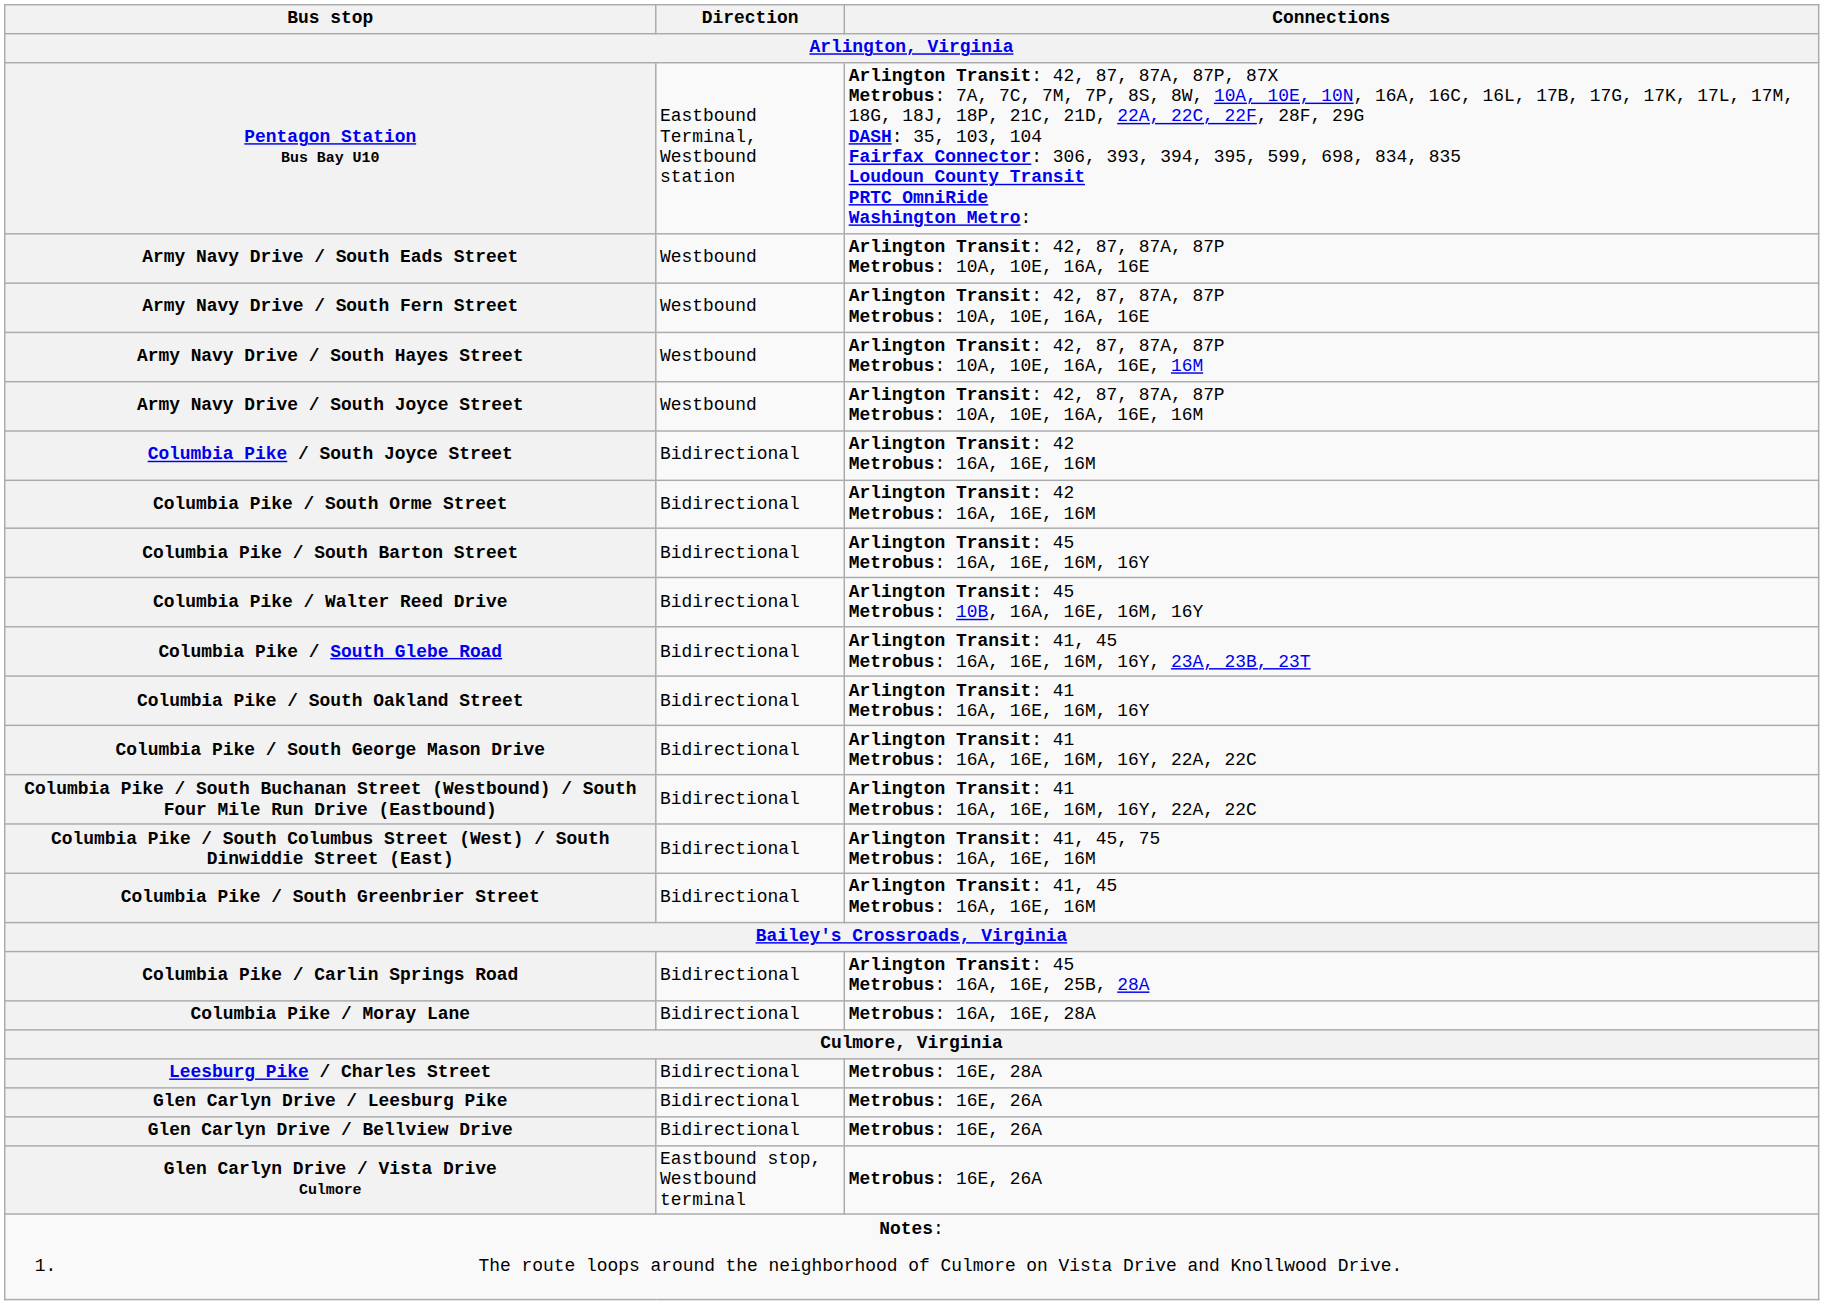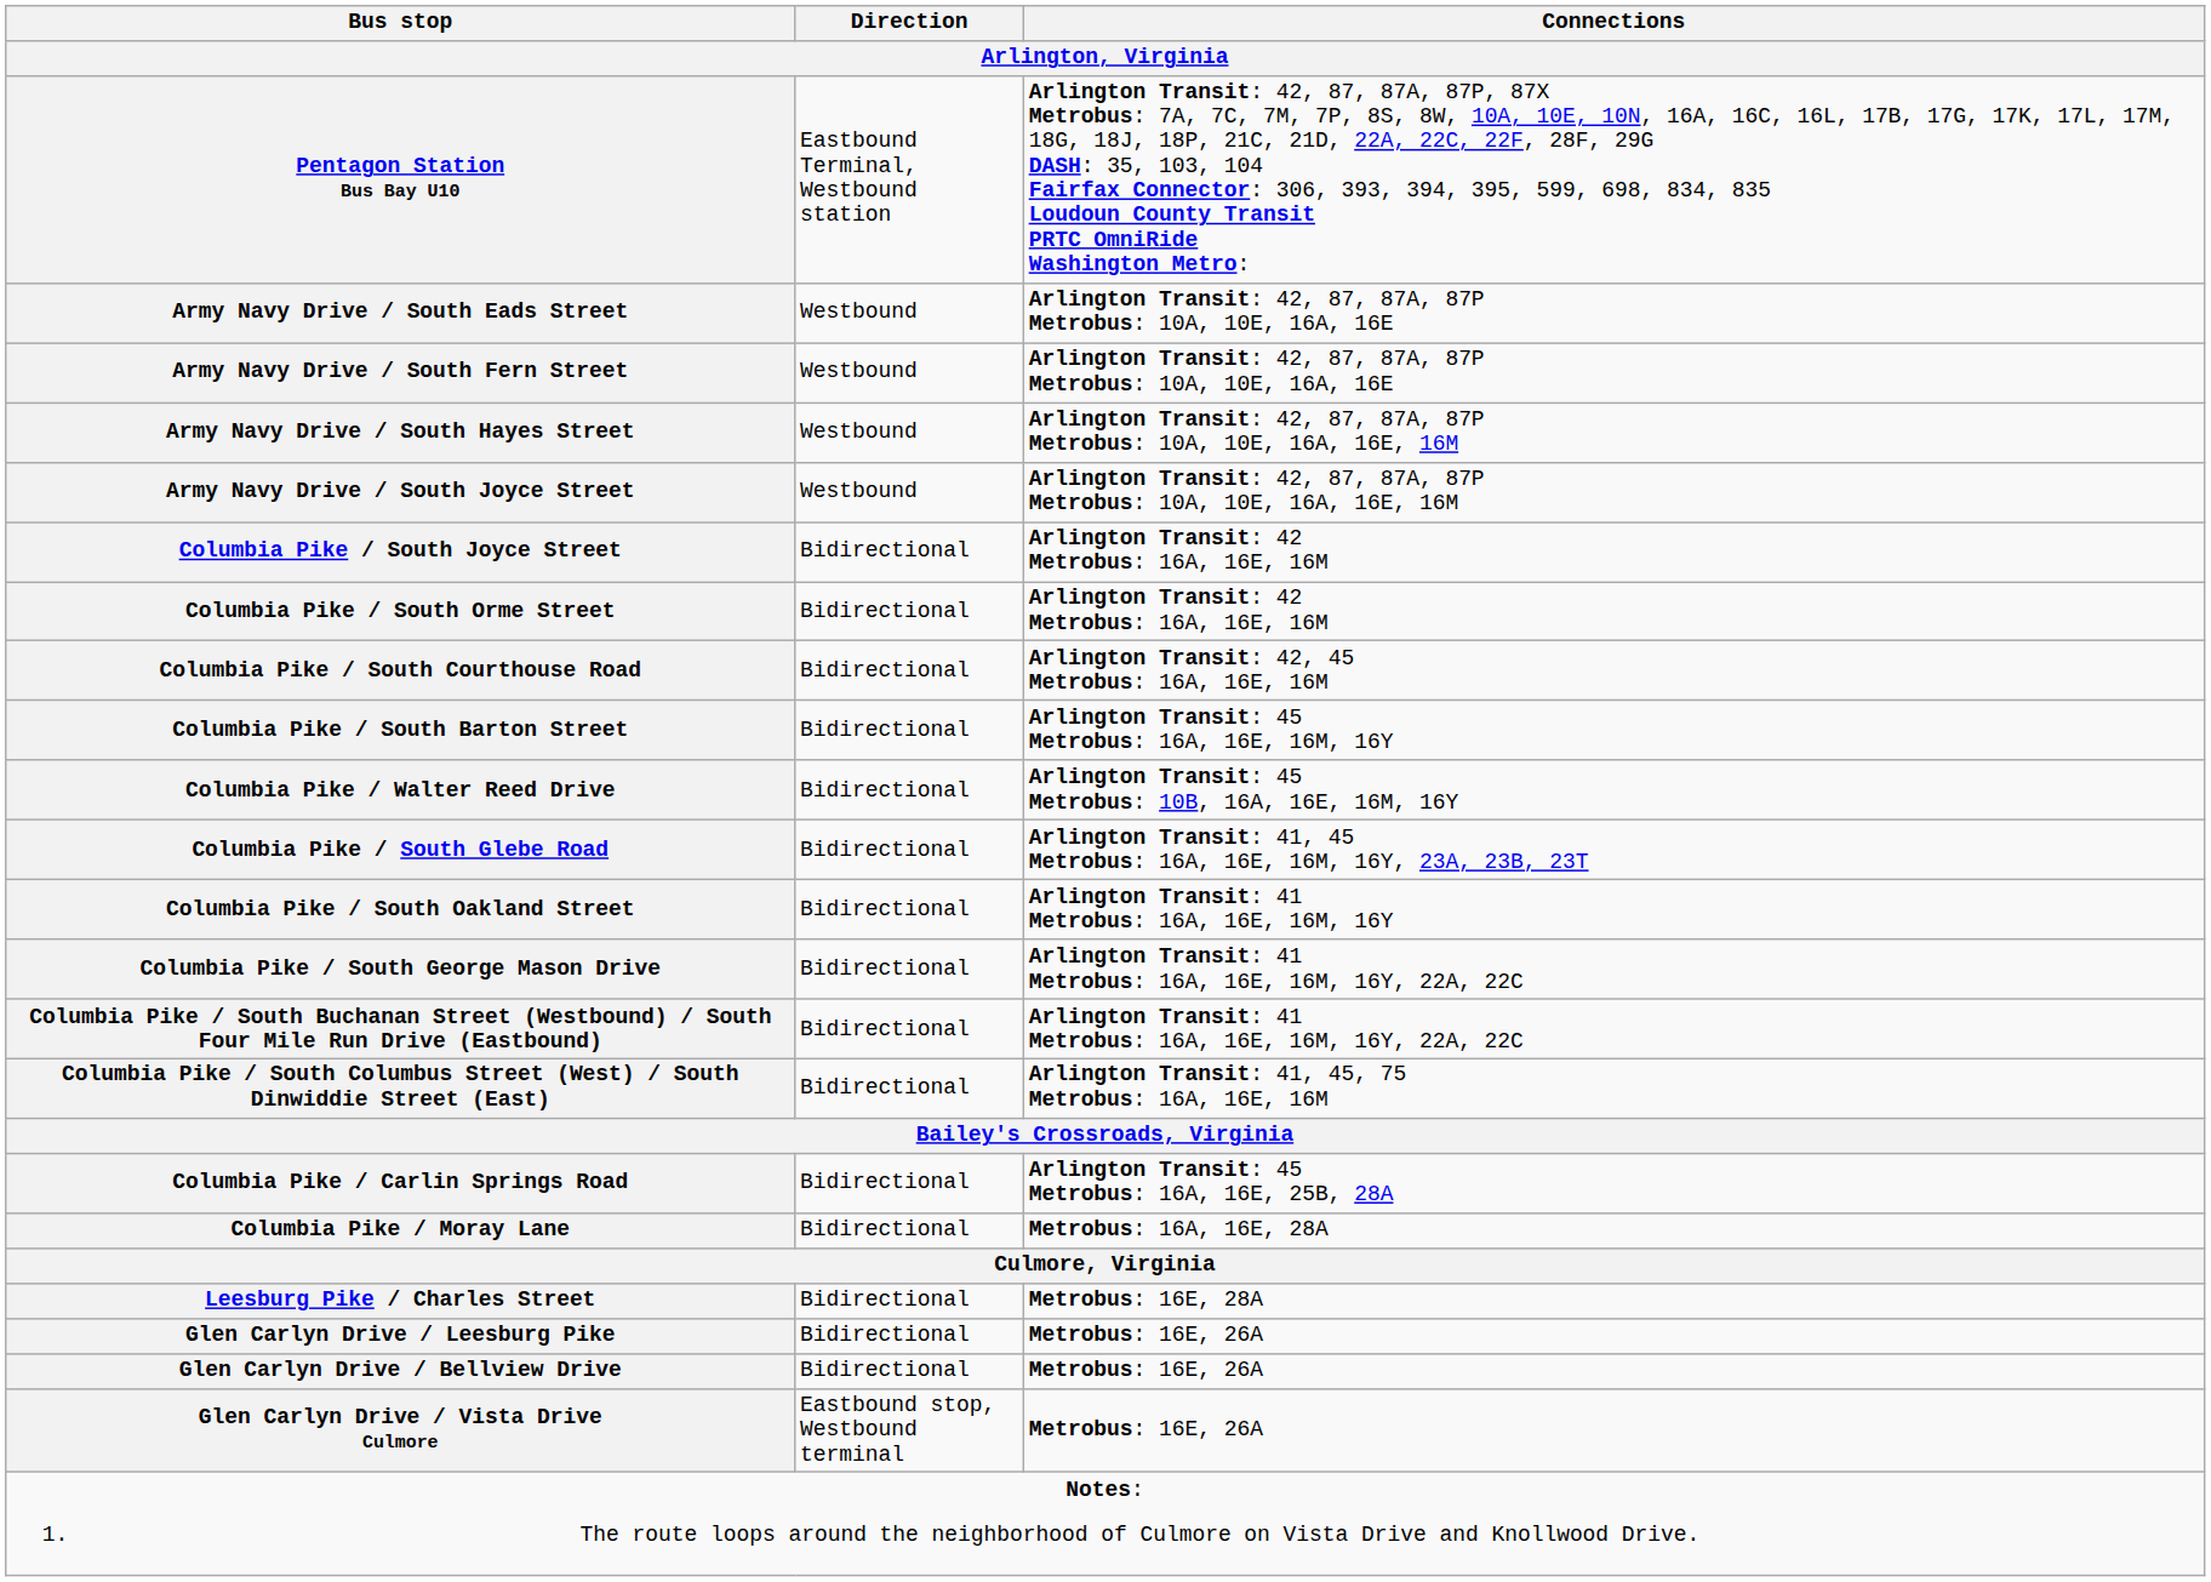 <table class="wikitable collapsible collapsed" style="font-size: 95%;">
 <tr>
 <th>Bus stop</th>
 <th>Direction</th>
 <th>Connections</th>
 </tr>
 <tr>
 <th colspan="3"><a href='#'>Arlington, Virginia</a></th>
 </tr>
 <tr>
 <th><a href='#'>Pentagon Station</a><br><small>Bus Bay U10</small></th>
 <td>Eastbound Terminal,<br> Westbound station</td>
 <td> <strong>Arlington Transit</strong>: 42, 87, 87A, 87P, 87X<br> <strong>Metrobus</strong>: 7A, 7C, 7M, 7P, 8S, 8W, <a href='#'>10A, 10E, 10N</a>, 16A, 16C, 16L, 17B, 17G, 17K, 17L, 17M, 18G, 18J, 18P, 21C, 21D, <a href='#'>22A, 22C, 22F</a>, 28F, 29G<br> <strong><a href='#'>DASH</a></strong>: 35, 103, 104<br> <strong><a href='#'>Fairfax Connector</a></strong>: 306, 393, 394, 395, 599, 698, 834, 835<br> <strong><a href='#'>Loudoun County Transit</a></strong><br> <strong><a href='#'>PRTC OmniRide</a></strong><br> <strong><a href='#'>Washington Metro</a></strong>:  </td>
 </tr>
 <tr>
 <th>Army Navy Drive / South Eads Street</th>
 <td>Westbound</td>
 <td> <strong>Arlington Transit</strong>: 42, 87, 87A, 87P<br> <strong>Metrobus</strong>: 10A, 10E, 16A, 16E</td>
 </tr>
 <tr>
 <th>Army Navy Drive / South Fern Street</th>
 <td>Westbound</td>
 <td> <strong>Arlington Transit</strong>: 42, 87, 87A, 87P<br> <strong>Metrobus</strong>: 10A, 10E, 16A, 16E</td>
 </tr>
 <tr>
 <th>Army Navy Drive / South Hayes Street</th>
 <td>Westbound</td>
 <td> <strong>Arlington Transit</strong>: 42, 87, 87A, 87P<br> <strong>Metrobus</strong>: 10A, 10E, 16A, 16E, <a href='#'>16M</a></td>
 </tr>
 <tr>
 <th>Army Navy Drive / South Joyce Street</th>
 <td>Westbound</td>
 <td> <strong>Arlington Transit</strong>: 42, 87, 87A, 87P<br> <strong>Metrobus</strong>: 10A, 10E, 16A, 16E, 16M</td>
 </tr>
 <tr>
 <th><a href='#'>Columbia Pike</a> / South Joyce Street</th>
 <td>Bidirectional</td>
 <td> <strong>Arlington Transit</strong>: 42<br> <strong>Metrobus</strong>: 16A, 16E, 16M</td>
 </tr>
 <tr>
 <th>Columbia Pike / South Orme Street</th>
 <td>Bidirectional</td>
 <td> <strong>Arlington Transit</strong>: 42<br> <strong>Metrobus</strong>: 16A, 16E, 16M</td>
 </tr>
 <tr>
+<th>Columbia Pike / South Courthouse Road</th>
+<td>Bidirectional</td>
+<td> <strong>Arlington Transit</strong>: 42, 45<br> <strong>Metrobus</strong>: 16A, 16E, 16M</td>
+</tr>
+<tr>
 <th>Columbia Pike / South Barton Street</th>
 <td>Bidirectional</td>
 <td> <strong>Arlington Transit</strong>: 45<br> <strong>Metrobus</strong>: 16A, 16E, 16M, 16Y</td>
 </tr>
 <tr>
 <th>Columbia Pike / Walter Reed Drive</th>
 <td>Bidirectional</td>
 <td> <strong>Arlington Transit</strong>: 45<br> <strong>Metrobus</strong>: <a href='#'>10B</a>, 16A, 16E, 16M, 16Y</td>
 </tr>
 <tr>
 <th>Columbia Pike / <a href='#'>South Glebe Road</a></th>
 <td>Bidirectional</td>
 <td> <strong>Arlington Transit</strong>: 41, 45<br> <strong>Metrobus</strong>: 16A, 16E, 16M, 16Y, <a href='#'>23A, 23B, 23T</a></td>
 </tr>
 <tr>
 <th>Columbia Pike / South Oakland Street</th>
 <td>Bidirectional</td>
 <td> <strong>Arlington Transit</strong>: 41<br> <strong>Metrobus</strong>: 16A, 16E, 16M, 16Y</td>
 </tr>
 <tr>
 <th>Columbia Pike / South George Mason Drive</th>
 <td>Bidirectional</td>
 <td> <strong>Arlington Transit</strong>: 41<br> <strong>Metrobus</strong>: 16A, 16E, 16M, 16Y, 22A, 22C</td>
 </tr>
 <tr>
 <th>Columbia Pike / South Buchanan Street (Westbound) / South Four Mile Run Drive (Eastbound)</th>
 <td>Bidirectional</td>
 <td> <strong>Arlington Transit</strong>: 41<br> <strong>Metrobus</strong>: 16A, 16E, 16M, 16Y, 22A, 22C</td>
 </tr>
 <tr>
 <th>Columbia Pike / South Columbus Street (West) / South Dinwiddie Street (East)</th>
 <td>Bidirectional</td>
 <td> <strong>Arlington Transit</strong>: 41, 45, 75<br> <strong>Metrobus</strong>: 16A, 16E, 16M</td>
-</tr>
-<tr>
-<th>Columbia Pike / South Greenbrier Street</th>
-<td>Bidirectional</td>
-<td> <strong>Arlington Transit</strong>: 41, 45<br> <strong>Metrobus</strong>: 16A, 16E, 16M</td>
 </tr>
 <tr>
 <th colspan="3"><a href='#'>Bailey's Crossroads, Virginia</a></th>
 </tr>
 <tr>
 <th>Columbia Pike / Carlin Springs Road</th>
 <td>Bidirectional</td>
 <td> <strong>Arlington Transit</strong>: 45<br> <strong>Metrobus</strong>: 16A, 16E, 25B, <a href='#'>28A</a></td>
 </tr>
 <tr>
 <th>Columbia Pike / Moray Lane</th>
 <td>Bidirectional</td>
 <td> <strong>Metrobus</strong>: 16A, 16E, 28A</td>
 </tr>
 <tr>
 <th colspan="3">Culmore, Virginia</th>
 </tr>
 <tr>
 <th><a href='#'>Leesburg Pike</a> / Charles Street</th>
 <td>Bidirectional</td>
 <td> <strong>Metrobus</strong>: 16E, 28A</td>
 </tr>
 <tr>
 <th>Glen Carlyn Drive / Leesburg Pike</th>
 <td>Bidirectional</td>
 <td> <strong>Metrobus</strong>: 16E, 26A</td>
 </tr>
 <tr>
 <th>Glen Carlyn Drive / Bellview Drive</th>
 <td>Bidirectional</td>
 <td> <strong>Metrobus</strong>: 16E, 26A</td>
 </tr>
 <tr>
 <th>Glen Carlyn Drive / Vista Drive<br><small>Culmore</small></th>
 <td>Eastbound stop,<br> Westbound terminal</td>
 <td> <strong>Metrobus</strong>: 16E, 26A</td>
 </tr>
 <tr>
 <td colspan="3" style="text-align:center;"><strong>Notes</strong>:<br><ol><li>The route loops around the neighborhood of Culmore on Vista Drive and Knollwood Drive.</li></ol></td>
 </tr>
 </table>
